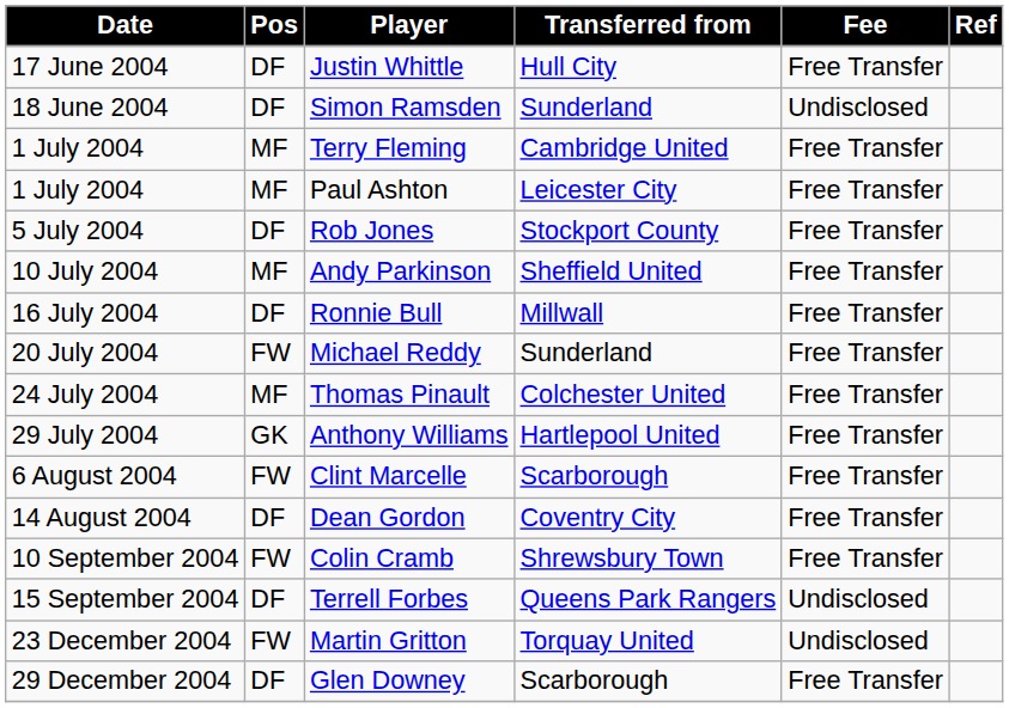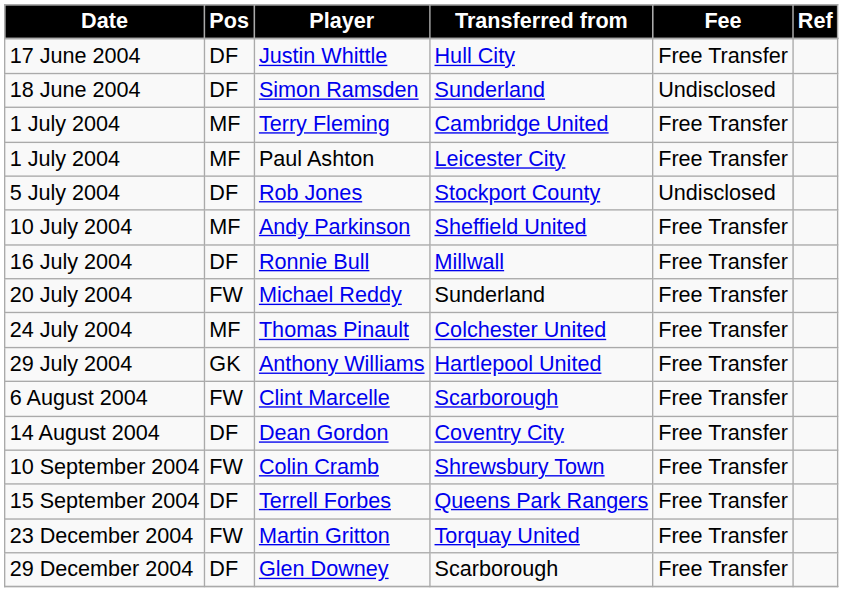 <table class="wikitable plainrowheaders sortable">
 <tr>
 <th style="background:#000000; color:#FFFFFF; ">Date</th>
 <th style="background:#000000; color:#FFFFff; ">Pos</th>
 <th style="background:#000000; color:#FFFFff; ">Player</th>
 <th style="background:#000000; color:#FFFFff; ">Transferred from</th>
 <th style="background:#000000; color:#FFFFff; ">Fee</th>
 <th style="background:#000000; color:#FFFFff; ">Ref</th>
 </tr>
 <tr>
 </tr>
 <tr>
 <td>17 June 2004</td>
 <td>DF</td>
 <td> <a href='#'>Justin Whittle</a></td>
 <td> <a href='#'>Hull City</a></td>
 <td>Free Transfer</td>
 <td></td>
 </tr>
 <tr>
 <td>18 June 2004</td>
 <td>DF</td>
 <td> <a href='#'>Simon Ramsden</a></td>
 <td> <a href='#'>Sunderland</a></td>
 <td>Undisclosed</td>
 <td></td>
 </tr>
 <tr>
 <td>1 July 2004</td>
 <td>MF</td>
 <td> <a href='#'>Terry Fleming</a></td>
 <td> <a href='#'>Cambridge United</a></td>
 <td>Free Transfer</td>
 <td></td>
 </tr>
 <tr>
 <td>1 July 2004</td>
 <td>MF</td>
 <td> Paul Ashton</td>
 <td> <a href='#'>Leicester City</a></td>
 <td>Free Transfer</td>
 <td></td>
 </tr>
 <tr>
 <td>5 July 2004</td>
 <td>DF</td>
 <td> <a href='#'>Rob Jones</a></td>
 <td> <a href='#'>Stockport County</a></td>
-<td>Free Transfer</td>
+<td>Undisclosed</td>
 <td></td>
 </tr>
 <tr>
 <td>10 July 2004</td>
 <td>MF</td>
 <td> <a href='#'>Andy Parkinson</a></td>
 <td> <a href='#'>Sheffield United</a></td>
 <td>Free Transfer</td>
 <td></td>
 </tr>
 <tr>
 <td>16 July 2004</td>
 <td>DF</td>
 <td> <a href='#'>Ronnie Bull</a></td>
 <td> <a href='#'>Millwall</a></td>
 <td>Free Transfer</td>
 <td></td>
 </tr>
 <tr>
 <td>20 July 2004</td>
 <td>FW</td>
 <td> <a href='#'>Michael Reddy</a></td>
 <td> Sunderland</td>
 <td>Free Transfer</td>
 <td></td>
 </tr>
 <tr>
 <td>24 July 2004</td>
 <td>MF</td>
 <td> <a href='#'>Thomas Pinault</a></td>
 <td> <a href='#'>Colchester United</a></td>
 <td>Free Transfer</td>
 <td></td>
 </tr>
 <tr>
 <td>29 July 2004</td>
 <td>GK</td>
 <td> <a href='#'>Anthony Williams</a></td>
 <td> <a href='#'>Hartlepool United</a></td>
 <td>Free Transfer</td>
 <td></td>
 </tr>
 <tr>
 <td>6 August 2004</td>
 <td>FW</td>
 <td> <a href='#'>Clint Marcelle</a></td>
 <td> <a href='#'>Scarborough</a></td>
 <td>Free Transfer</td>
 <td></td>
 </tr>
 <tr>
 <td>14 August 2004</td>
 <td>DF</td>
 <td> <a href='#'>Dean Gordon</a></td>
 <td> <a href='#'>Coventry City</a></td>
 <td>Free Transfer</td>
 <td></td>
 </tr>
 <tr>
 <td>10 September 2004</td>
 <td>FW</td>
 <td> <a href='#'>Colin Cramb</a></td>
 <td> <a href='#'>Shrewsbury Town</a></td>
 <td>Free Transfer</td>
 <td></td>
 </tr>
 <tr>
 <td>15 September 2004</td>
 <td>DF</td>
 <td> <a href='#'>Terrell Forbes</a></td>
 <td> <a href='#'>Queens Park Rangers</a></td>
-<td>Undisclosed</td>
+<td>Free Transfer</td>
 <td></td>
 </tr>
 <tr>
 <td>23 December 2004</td>
 <td>FW</td>
 <td> <a href='#'>Martin Gritton</a></td>
 <td> <a href='#'>Torquay United</a></td>
-<td>Undisclosed</td>
+<td>Free Transfer</td>
 <td></td>
 </tr>
 <tr>
 <td>29 December 2004</td>
 <td>DF</td>
 <td> <a href='#'>Glen Downey</a></td>
 <td> Scarborough</td>
 <td>Free Transfer</td>
 <td></td>
 </tr>
 <tr>
 </tr>
 </table>
